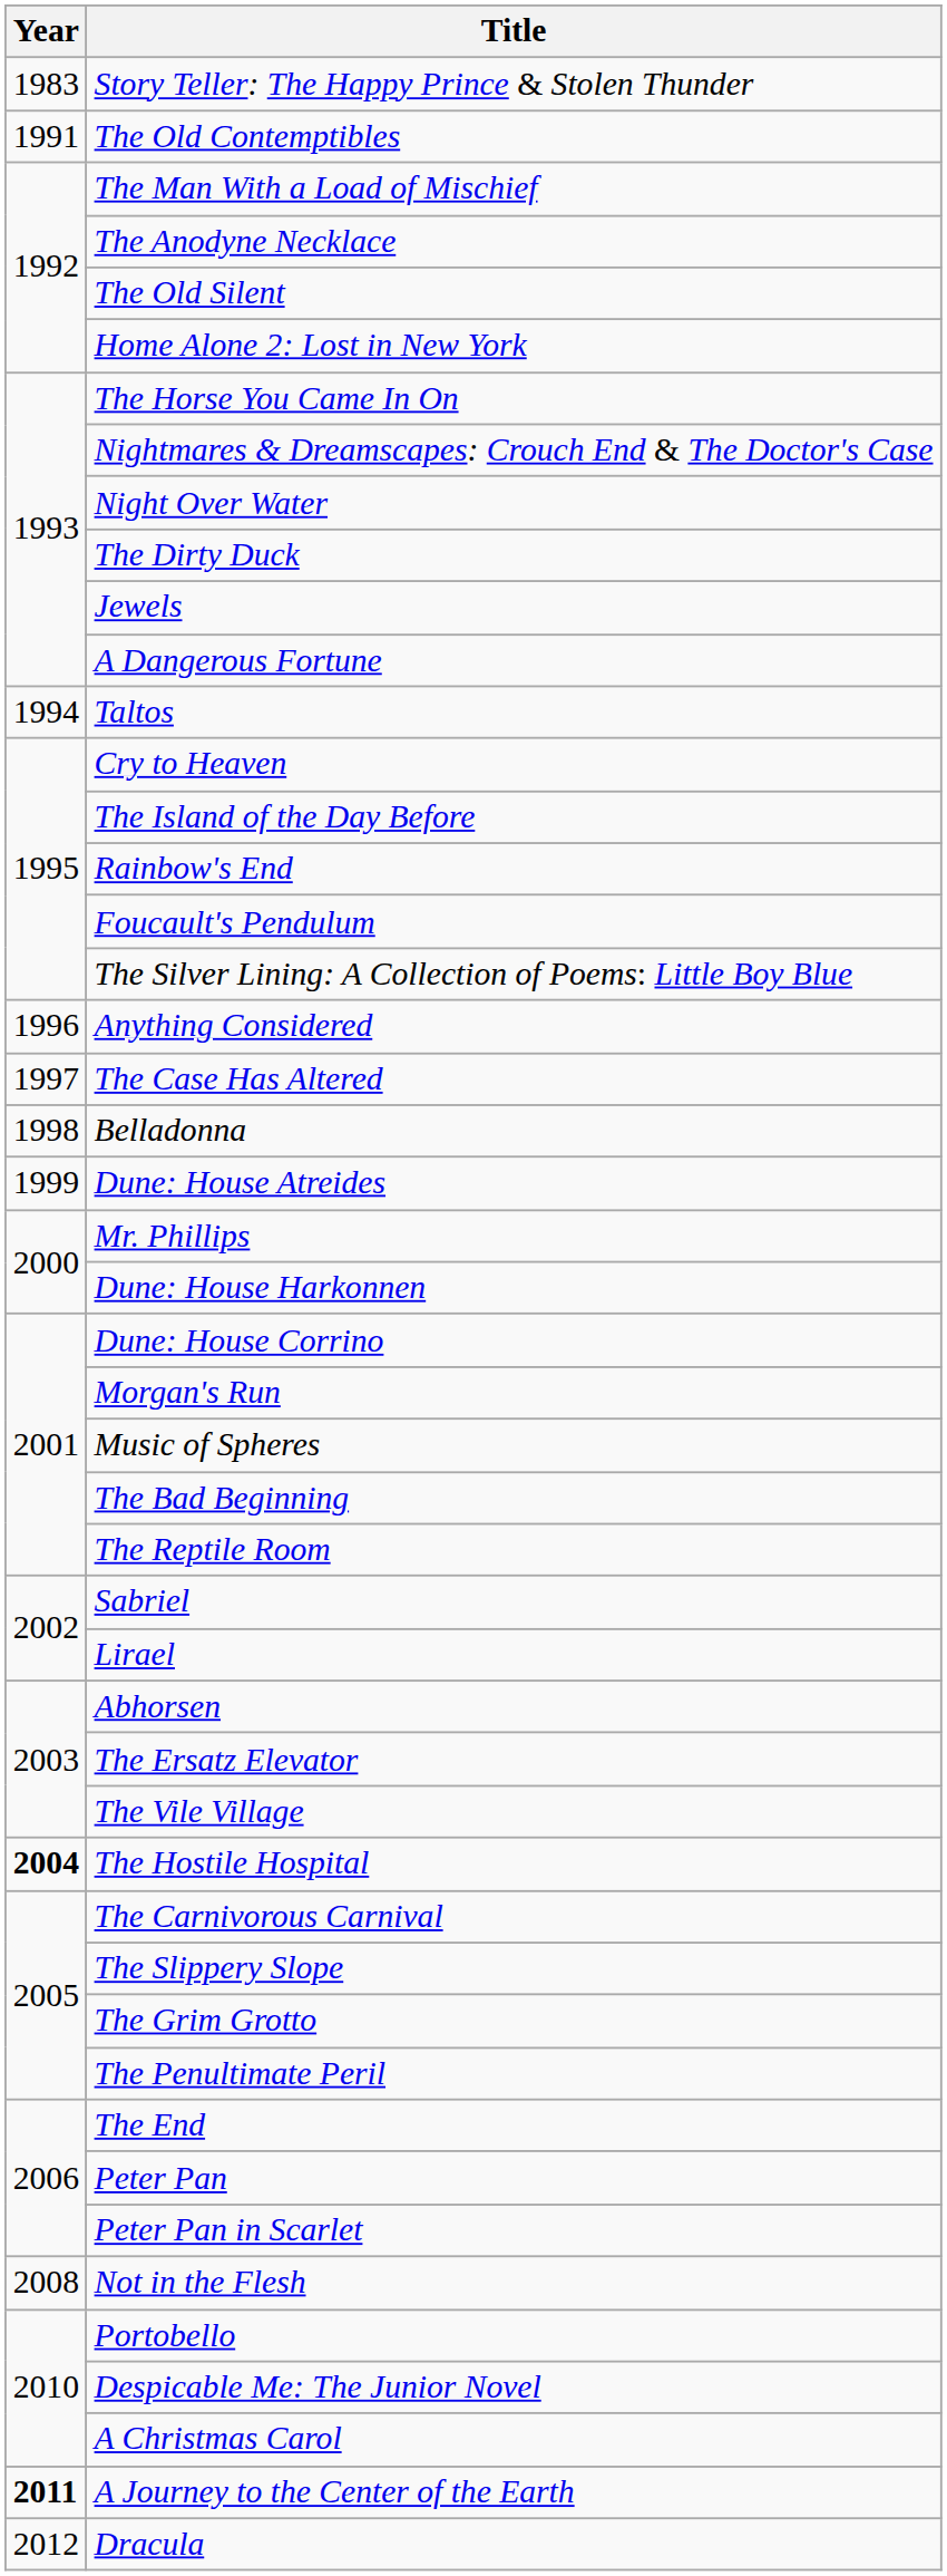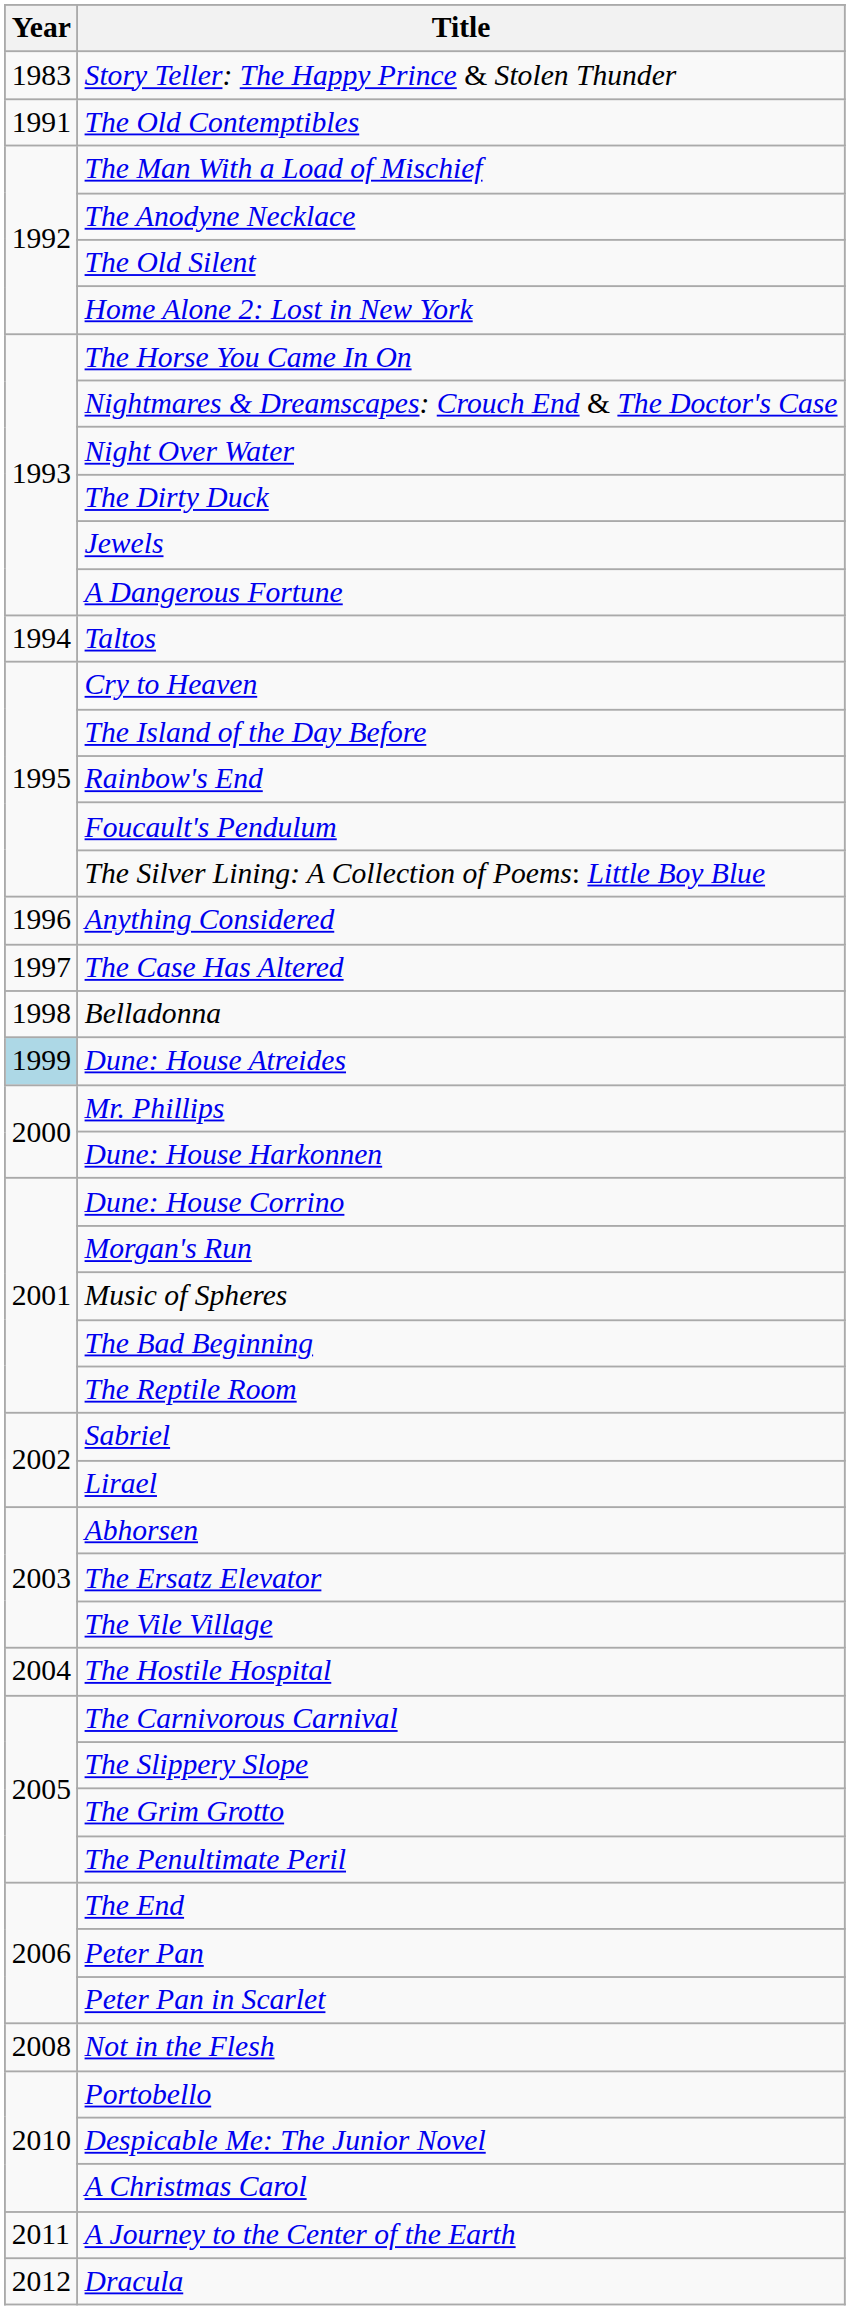 <table class = "wikitable sortable">
 <tr>
 <th>Year</th>
 <th>Title</th>
 </tr>
 <tr>
 <td>1983</td>
 <td><em><a href='#'>Story Teller</a>: <a href='#'>The Happy Prince</a></em> & <em>Stolen Thunder</em></td>
 </tr>
 <tr>
 <td>1991</td>
 <td><em><a href='#'>The Old Contemptibles</a></em></td>
 </tr>
 <tr>
 <td rowspan="4">1992</td>
 <td><em><a href='#'>The Man With a Load of Mischief</a></em></td>
 </tr>
 <tr>
 <td><em><a href='#'>The Anodyne Necklace</a></em></td>
 </tr>
 <tr>
 <td><em><a href='#'>The Old Silent</a></em></td>
 </tr>
 <tr>
 <td><em><a href='#'>Home Alone 2: Lost in New York</a></em></td>
 </tr>
 <tr>
 <td rowspan="6">1993</td>
 <td><em><a href='#'>The Horse You Came In On</a></em></td>
 </tr>
 <tr>
 <td><em><a href='#'>Nightmares & Dreamscapes</a>: <a href='#'>Crouch End</a></em> & <em><a href='#'>The Doctor's Case</a></em></td>
 </tr>
 <tr>
 <td><em><a href='#'>Night Over Water</a></em></td>
 </tr>
 <tr>
 <td><em><a href='#'>The Dirty Duck</a></em></td>
 </tr>
 <tr>
 <td><em><a href='#'>Jewels</a></em></td>
 </tr>
 <tr>
 <td><em><a href='#'>A Dangerous Fortune</a></em></td>
 </tr>
 <tr>
 <td>1994</td>
 <td><em><a href='#'>Taltos</a></em></td>
 </tr>
 <tr>
 <td rowspan="5">1995</td>
 <td><em><a href='#'>Cry to Heaven</a></em></td>
 </tr>
 <tr>
 <td><em><a href='#'>The Island of the Day Before</a></em></td>
 </tr>
 <tr>
 <td><em><a href='#'>Rainbow's End</a></em></td>
 </tr>
 <tr>
 <td><em><a href='#'>Foucault's Pendulum</a></em></td>
 </tr>
 <tr>
 <td><em>The Silver Lining: A Collection of Poems</em>: <em><a href='#'>Little Boy Blue</a></em></td>
 </tr>
 <tr>
 <td>1996</td>
 <td><em><a href='#'>Anything Considered</a></em></td>
 </tr>
 <tr>
 <td>1997</td>
 <td><em><a href='#'>The Case Has Altered</a></em></td>
 </tr>
 <tr>
 <td>1998</td>
 <td><em>Belladonna</em></td>
 </tr>
 <tr>
-<td>1999</td>
+<td style="background: lightblue;">1999</td>
 <td><em><a href='#'>Dune: House Atreides</a></em></td>
 </tr>
 <tr>
 <td rowspan="2">2000</td>
 <td><em><a href='#'>Mr. Phillips</a></em></td>
 </tr>
 <tr>
 <td><em><a href='#'>Dune: House Harkonnen</a></em></td>
 </tr>
 <tr>
 <td rowspan="5">2001</td>
 <td><em><a href='#'>Dune: House Corrino</a></em></td>
 </tr>
 <tr>
 <td><em><a href='#'>Morgan's Run</a></em></td>
 </tr>
 <tr>
 <td><em>Music of Spheres</em></td>
 </tr>
 <tr>
 <td><em><a href='#'>The Bad Beginning</a></em></td>
 </tr>
 <tr>
 <td><em><a href='#'>The Reptile Room</a></em></td>
 </tr>
 <tr>
 <td rowspan="2">2002</td>
 <td><em><a href='#'>Sabriel</a></em></td>
 </tr>
 <tr>
 <td><em><a href='#'>Lirael</a></em></td>
 </tr>
 <tr>
 <td rowspan="3">2003</td>
 <td><em><a href='#'>Abhorsen</a></em></td>
 </tr>
 <tr>
 <td><em><a href='#'>The Ersatz Elevator</a></em></td>
 </tr>
 <tr>
 <td><em><a href='#'>The Vile Village</a></em></td>
 </tr>
 <tr>
-<td><strong>2004</strong></td>
+<td>2004</td>
 <td><em><a href='#'>The Hostile Hospital</a></em></td>
 </tr>
 <tr>
 <td rowspan="4">2005</td>
 <td><em><a href='#'>The Carnivorous Carnival</a></em></td>
 </tr>
 <tr>
 <td><em><a href='#'>The Slippery Slope</a></em></td>
 </tr>
 <tr>
 <td><em><a href='#'>The Grim Grotto</a></em></td>
 </tr>
 <tr>
 <td><em><a href='#'>The Penultimate Peril</a></em></td>
 </tr>
 <tr>
 <td rowspan="3">2006</td>
 <td><em><a href='#'>The End</a></em></td>
 </tr>
 <tr>
 <td><em><a href='#'>Peter Pan</a></em></td>
 </tr>
 <tr>
 <td><em><a href='#'>Peter Pan in Scarlet</a></em></td>
 </tr>
 <tr>
 <td>2008</td>
 <td><em><a href='#'>Not in the Flesh</a></em></td>
 </tr>
 <tr>
 <td rowspan="3">2010</td>
 <td><em><a href='#'>Portobello</a></em></td>
 </tr>
 <tr>
 <td><em><a href='#'>Despicable Me: The Junior Novel</a></em></td>
 </tr>
 <tr>
 <td><em><a href='#'>A Christmas Carol</a></em></td>
 </tr>
 <tr>
-<td><strong>2011</strong></td>
+<td>2011</td>
 <td><em><a href='#'>A Journey to the Center of the Earth</a></em></td>
 </tr>
 <tr>
 <td>2012</td>
 <td><em><a href='#'>Dracula</a></em></td>
 </tr>
 </table>
